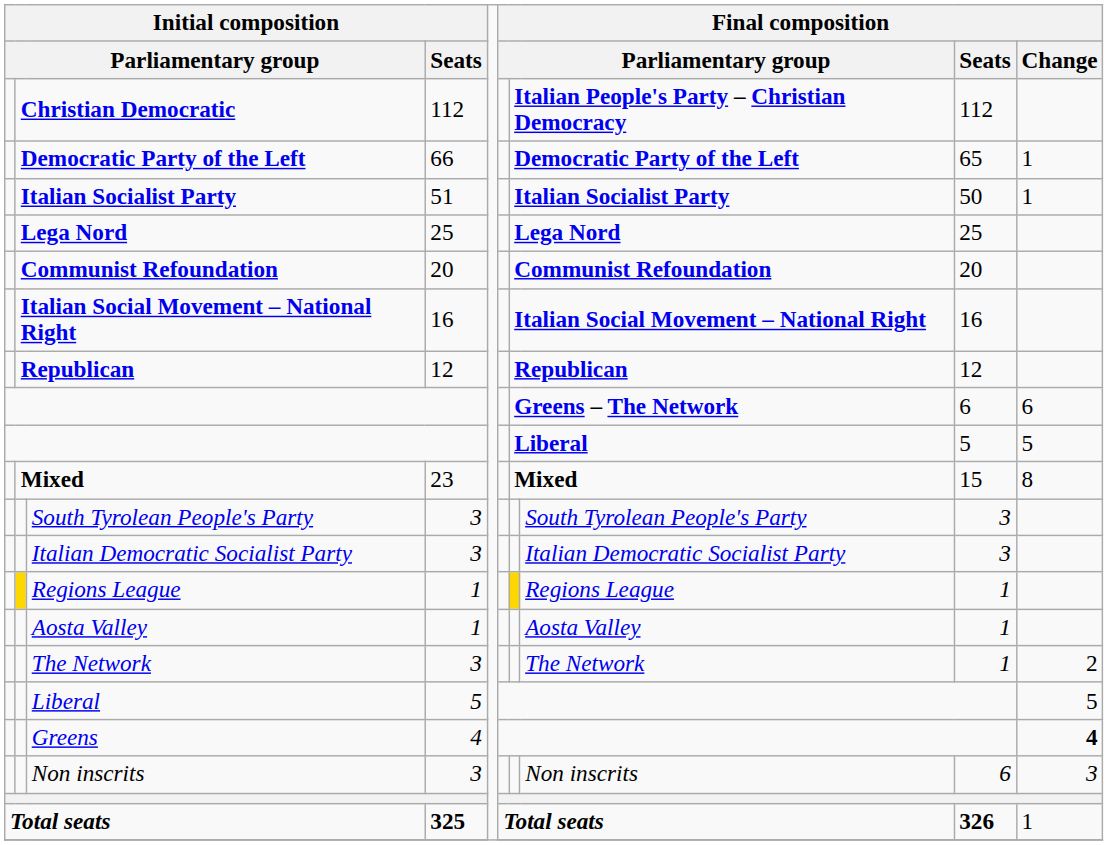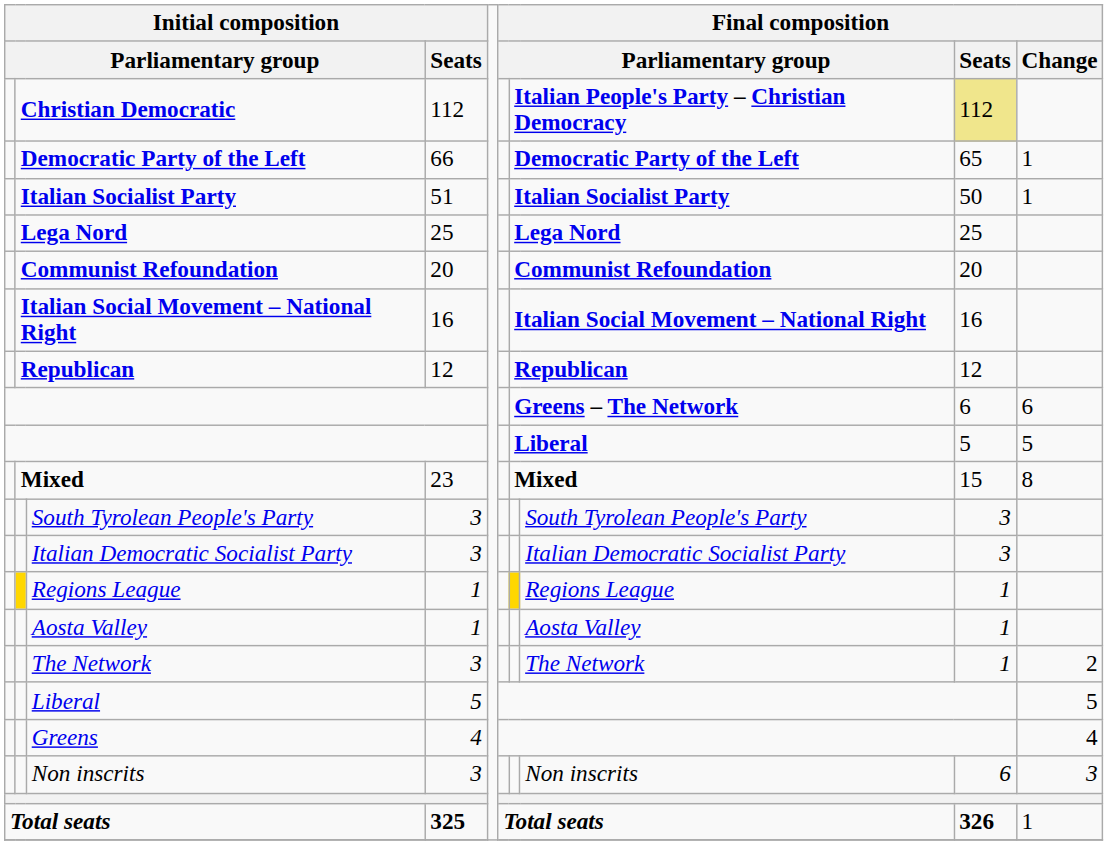 <table class="wikitable" style="width : 60%;">
 <tr>
 <th colspan="4">Initial composition</th>
 <td rowspan="30" style="width : 1%;"></td>
 <th colspan="5">Final composition</th>
 </tr>
 <tr>
 <th colspan="3">Parliamentary group</th>
 <th>Seats</th>
 <th colspan="3">Parliamentary group</th>
 <th>Seats</th>
 <th>Change</th>
 </tr>
 <tr>
 <td></td>
 <td colspan = "2"><strong><a href='#'>Christian Democratic</a></strong></td>
 <td>112</td>
 <td></td>
 <td colspan = "2"><strong><a href='#'>Italian People's Party</a> – <a href='#'>Christian Democracy</a></strong></td>
-<td>112</td>
+<td style="background: khaki;">112</td>
 <td></td>
 </tr>
 <tr>
 <td></td>
 <td colspan = "2"><strong><a href='#'>Democratic Party of the Left</a></strong></td>
 <td>66</td>
 <td></td>
 <td colspan = "2"><strong><a href='#'>Democratic Party of the Left</a></strong></td>
 <td>65</td>
 <td> 1</td>
 </tr>
 <tr>
 <td></td>
 <td colspan = "2"><strong><a href='#'>Italian Socialist Party</a></strong></td>
 <td>51</td>
 <td></td>
 <td colspan = "2"><strong><a href='#'>Italian Socialist Party</a></strong></td>
 <td>50</td>
 <td> 1</td>
 </tr>
 <tr>
 <td></td>
 <td colspan = "2"><strong><a href='#'>Lega Nord</a></strong></td>
 <td>25</td>
 <td></td>
 <td colspan = "2"><strong><a href='#'>Lega Nord</a></strong></td>
 <td>25</td>
 <td></td>
 </tr>
 <tr>
 <td></td>
 <td colspan = "2"><strong><a href='#'>Communist Refoundation</a></strong></td>
 <td>20</td>
 <td></td>
 <td colspan = "2"><strong><a href='#'>Communist Refoundation</a></strong></td>
 <td>20</td>
 <td></td>
 </tr>
 <tr>
 <td></td>
 <td colspan = "2"><strong><a href='#'>Italian Social Movement – National Right</a></strong></td>
 <td>16</td>
 <td></td>
 <td colspan = "2"><strong><a href='#'>Italian Social Movement – National Right</a></strong></td>
 <td>16</td>
 <td></td>
 </tr>
 <tr>
 <td></td>
 <td colspan = "2"><strong><a href='#'>Republican</a></strong></td>
 <td>12</td>
 <td></td>
 <td colspan = "2"><strong><a href='#'>Republican</a></strong></td>
 <td>12</td>
 <td></td>
 </tr>
 <tr>
 <td colspan = "4"></td>
 <td></td>
 <td colspan = "2"><strong><a href='#'>Greens</a> – <a href='#'>The Network</a></strong></td>
 <td>6</td>
 <td> 6</td>
 </tr>
 <tr>
 <td colspan = "4"></td>
 <td></td>
 <td colspan = "2"><strong><a href='#'>Liberal</a></strong></td>
 <td>5</td>
 <td> 5</td>
 </tr>
 <tr>
 <td></td>
 <td colspan = "2"><strong>Mixed</strong></td>
 <td>23</td>
 <td></td>
 <td colspan = "2"><strong>Mixed</strong></td>
 <td>15</td>
 <td> 8</td>
 </tr>
 <tr>
 <td></td>
 <td></td>
 <td><em><a href='#'>South Tyrolean People's Party</a></em></td>
 <td align="right"><em>3</em></td>
 <td></td>
 <td></td>
 <td><em><a href='#'>South Tyrolean People's Party</a></em></td>
 <td align="right"><em>3</em></td>
 <td align="right"></td>
 </tr>
 <tr>
 <td></td>
 <td></td>
 <td><em><a href='#'>Italian Democratic Socialist Party</a></em></td>
 <td align="right"><em>3</em></td>
 <td></td>
 <td></td>
 <td><em><a href='#'>Italian Democratic Socialist Party</a></em></td>
 <td align="right"><em>3</em></td>
 <td align="right"></td>
 </tr>
 <tr>
 <td></td>
 <td bgcolor="gold" width=1%></td>
 <td><em><a href='#'>Regions League</a></em></td>
 <td align="right"><em>1</em></td>
 <td></td>
 <td bgcolor="gold" width=1%></td>
 <td><em><a href='#'>Regions League</a></em></td>
 <td align="right"><em>1</em></td>
 <td align="right"></td>
 </tr>
 <tr>
 <td></td>
 <td></td>
 <td><em><a href='#'>Aosta Valley</a></em></td>
 <td align="right"><em>1</em></td>
 <td></td>
 <td></td>
 <td><em><a href='#'>Aosta Valley</a></em></td>
 <td align="right"><em>1</em></td>
 <td align="right"></td>
 </tr>
 <tr>
 <td></td>
 <td></td>
 <td><em><a href='#'>The Network</a></em></td>
 <td align="right"><em>3</em></td>
 <td></td>
 <td></td>
 <td><em><a href='#'>The Network</a></em></td>
 <td align="right"><em>1</em></td>
 <td align="right"> 2</td>
 </tr>
 <tr>
 <td></td>
 <td></td>
 <td><em><a href='#'>Liberal</a></em></td>
 <td align="right"><em>5</em></td>
 <td colspan = "4"></td>
 <td align="right"> 5</td>
 </tr>
 <tr>
 <td></td>
 <td></td>
 <td><em><a href='#'>Greens</a></em></td>
 <td align="right"><em>4</em></td>
 <td colspan = "4"></td>
-<td align="right"><strong> 4</strong></td>
+<td align="right"> 4</td>
 </tr>
 <tr>
 <td></td>
 <td></td>
 <td><em>Non inscrits</em></td>
 <td align="right"><em>3</em></td>
 <td></td>
 <td></td>
 <td><em>Non inscrits</em></td>
 <td align="right"><em>6</em></td>
 <td align="right"> <em>3</em></td>
 </tr>
 <tr>
 <th colspan="4"></th>
 <th colspan="5"></th>
 </tr>
 <tr>
 <td colspan="3"><strong><em>Total seats</em></strong></td>
 <td><strong>325</strong></td>
 <td colspan="3"><strong><em>Total seats</em></strong></td>
 <td><strong>326</strong></td>
 <td> 1</td>
 </tr>
 <tr>
 </tr>
 </table>
